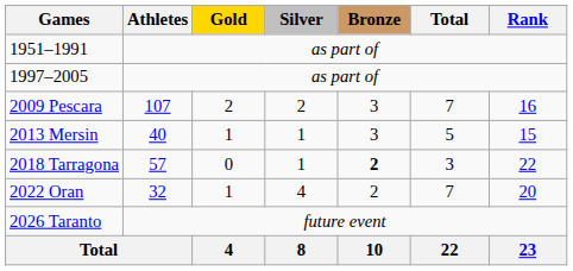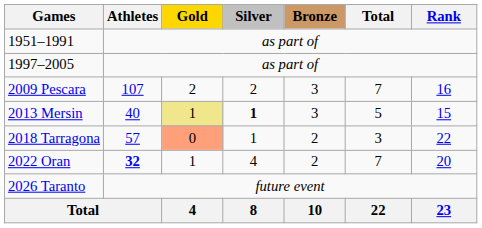 <table class="wikitable" style="text-align:center; font-size:90%;">
 <tr>
 <th>Games</th>
 <th>Athletes</th>
 <td style="background:gold; width:3.7em; font-weight:bold;">Gold</td>
 <td style="background:silver; width:3.7em; font-weight:bold;">Silver</td>
 <td style="background:#cc9966; width:3.7em; font-weight:bold;">Bronze</td>
 <th style="width:4em; font-weight:bold;">Total</th>
 <th style="width:4em; font-weight:bold;"><a href='#'>Rank</a></th>
 </tr>
 <tr>
 <td align=left>1951–1991</td>
 <td colspan=6><em>as part of </em></td>
 </tr>
 <tr>
 <td align=left>1997–2005</td>
 <td colspan=6><em>as part of </em></td>
 </tr>
 <tr>
 <td align=left> <a href='#'>2009 Pescara</a></td>
 <td><a href='#'>107</a></td>
 <td>2</td>
 <td>2</td>
 <td>3</td>
 <td>7</td>
 <td><a href='#'>16</a></td>
 </tr>
 <tr>
 <td align=left> <a href='#'>2013 Mersin</a></td>
 <td><a href='#'>40</a></td>
-<td>1</td>
-<td>1</td>
+<td style="background: khaki;">1</td>
+<td><strong>1</strong></td>
 <td>3</td>
 <td>5</td>
 <td><a href='#'>15</a></td>
 </tr>
 <tr>
 <td align=left> <a href='#'>2018 Tarragona</a></td>
 <td><a href='#'>57</a></td>
-<td>0</td>
+<td style="background: lightsalmon;">0</td>
 <td>1</td>
-<td><strong>2</strong></td>
+<td>2</td>
 <td>3</td>
 <td><a href='#'>22</a></td>
 </tr>
 <tr>
 <td align=left> <a href='#'>2022 Oran</a></td>
-<td><a href='#'>32</a></td>
+<td><strong><a href='#'>32</a></strong></td>
 <td>1</td>
 <td>4</td>
 <td>2</td>
 <td>7</td>
 <td><a href='#'>20</a></td>
 </tr>
 <tr>
 <td align=left> <a href='#'>2026 Taranto</a></td>
 <td colspan=6><em>future event</em></td>
 </tr>
 <tr>
 <th colspan=2>Total</th>
 <th>4</th>
 <th>8</th>
 <th>10</th>
 <th>22</th>
 <th><a href='#'>23</a></th>
 </tr>
 </table>
